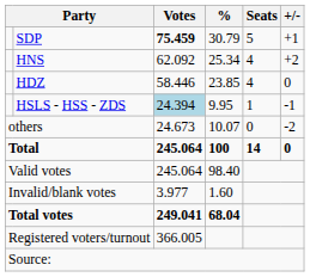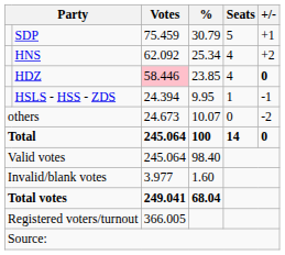 <table class="wikitable" style="text-align: left;">
 <tr>
 <th colspan="2">Party</th>
 <th>Votes</th>
 <th>%</th>
 <th>Seats</th>
 <th>+/-</th>
 </tr>
 <tr>
 <td style="background-color: "></td>
 <td><a href='#'>SDP</a></td>
-<td><strong>75.459</strong></td>
+<td>75.459</td>
 <td>30.79</td>
 <td>5</td>
 <td>+1</td>
 </tr>
 <tr>
 <td style="background-color: "></td>
 <td><a href='#'>HNS</a></td>
 <td>62.092</td>
 <td>25.34</td>
 <td>4</td>
 <td>+2</td>
 </tr>
 <tr>
 <td style="background-color: "></td>
 <td><a href='#'>HDZ</a></td>
-<td>58.446</td>
+<td style="background: pink;">58.446</td>
 <td>23.85</td>
 <td>4</td>
-<td>0</td>
+<td><strong>0</strong></td>
 </tr>
 <tr>
 <td style="background-color: "></td>
 <td><a href='#'>HSLS</a> - <a href='#'>HSS</a> - <a href='#'>ZDS</a></td>
-<td style="background: lightblue;">24.394</td>
+<td>24.394</td>
 <td>9.95</td>
 <td>1</td>
 <td>-1</td>
 </tr>
 <tr>
 <td colspan="2">others</td>
 <td>24.673</td>
 <td>10.07</td>
 <td>0</td>
 <td>-2</td>
 </tr>
 <tr>
 <td colspan="2"><strong>Total</strong></td>
 <td><strong>245.064</strong></td>
 <td><strong>100</strong></td>
 <td><strong>14</strong></td>
 <td><strong>0</strong></td>
 </tr>
 <tr>
 <td colspan="2">Valid votes</td>
 <td>245.064</td>
 <td>98.40</td>
 <td colspan="2"></td>
 </tr>
 <tr>
 <td colspan="2">Invalid/blank votes</td>
 <td>3.977</td>
 <td>1.60</td>
 <td colspan="2"></td>
 </tr>
 <tr>
 <td colspan="2"><strong>Total votes</strong></td>
 <td><strong>249.041</strong></td>
 <td><strong>68.04</strong></td>
 <td colspan="2"></td>
 </tr>
 <tr>
 <td colspan="2">Registered voters/turnout</td>
 <td votes14="5343">366.005</td>
 <td></td>
 <td colspan="2"></td>
 </tr>
 <tr>
 <td colspan="6">Source: </td>
 </tr>
 </table>
